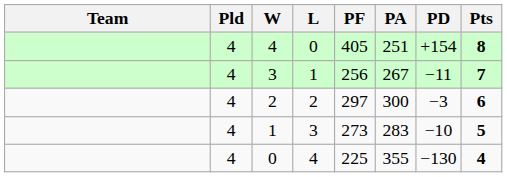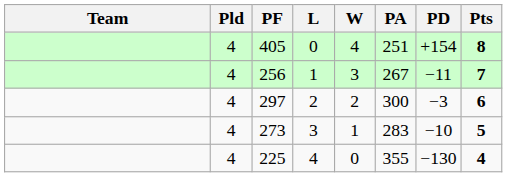 <table class=wikitable style="text-align:center">
 <tr>
 <th width=180>Team</th>
 <th width=30>Pld</th>
+<th width=30>PF</th>
+<th width=30>L</th>
 <th width=30>W</th>
-<th width=30>L</th>
-<th width=30>PF</th>
 <th width=30>PA</th>
 <th width=30>PD</th>
 <th width=30>Pts</th>
 </tr>
 <tr align=center bgcolor="#ccffcc">
 <td align=left></td>
 <td>4</td>
+<td>405</td>
+<td>0</td>
 <td>4</td>
-<td>0</td>
-<td>405</td>
 <td>251</td>
 <td>+154</td>
 <td><strong>8</strong></td>
 </tr>
 <tr align=center bgcolor="#ccffcc">
 <td align=left></td>
 <td>4</td>
+<td>256</td>
+<td>1</td>
 <td>3</td>
-<td>1</td>
-<td>256</td>
 <td>267</td>
 <td>−11</td>
 <td><strong>7</strong></td>
 </tr>
 <tr align=center>
 <td align=left></td>
 <td>4</td>
+<td>297</td>
 <td>2</td>
 <td>2</td>
-<td>297</td>
 <td>300</td>
 <td>−3</td>
 <td><strong>6</strong></td>
 </tr>
 <tr align=center>
 <td align=left></td>
 <td>4</td>
+<td>273</td>
+<td>3</td>
 <td>1</td>
-<td>3</td>
-<td>273</td>
 <td>283</td>
 <td>−10</td>
 <td><strong>5</strong></td>
 </tr>
 <tr align=center>
 <td align=left></td>
 <td>4</td>
+<td>225</td>
+<td>4</td>
 <td>0</td>
-<td>4</td>
-<td>225</td>
 <td>355</td>
 <td>−130</td>
 <td><strong>4</strong></td>
 </tr>
 </table>
